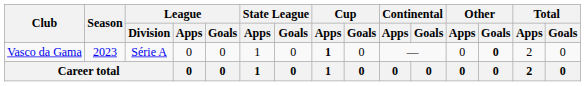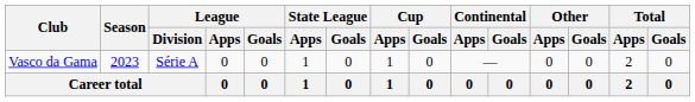 <table class="wikitable" style="text-align:center">
 <tr>
 <th rowspan="2">Club</th>
 <th rowspan="2">Season</th>
 <th colspan="3">League</th>
 <th colspan="2">State League</th>
 <th colspan="2">Cup</th>
 <th colspan="2">Continental</th>
 <th colspan="2">Other</th>
 <th colspan="2">Total</th>
 </tr>
 <tr>
 <th>Division</th>
 <th>Apps</th>
 <th>Goals</th>
 <th>Apps</th>
 <th>Goals</th>
 <th>Apps</th>
 <th>Goals</th>
 <th>Apps</th>
 <th>Goals</th>
 <th>Apps</th>
 <th>Goals</th>
 <th>Apps</th>
 <th>Goals</th>
 </tr>
 <tr>
 <td><a href='#'>Vasco da Gama</a></td>
 <td><a href='#'>2023</a></td>
 <td><a href='#'>Série A</a></td>
 <td>0</td>
 <td>0</td>
 <td>1</td>
 <td>0</td>
-<td><strong>1</strong></td>
+<td>1</td>
 <td>0</td>
 <td colspan=2>—</td>
 <td>0</td>
-<td><strong>0</strong></td>
+<td>0</td>
 <td>2</td>
 <td>0</td>
 </tr>
 <tr>
 <th colspan=3><strong>Career total</strong></th>
 <th>0</th>
 <th>0</th>
 <th>1</th>
 <th>0</th>
 <th>1</th>
 <th>0</th>
 <th>0</th>
 <th>0</th>
 <th>0</th>
 <th>0</th>
 <th>2</th>
 <th>0</th>
 </tr>
 </table>
